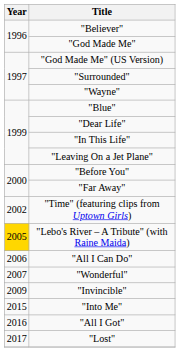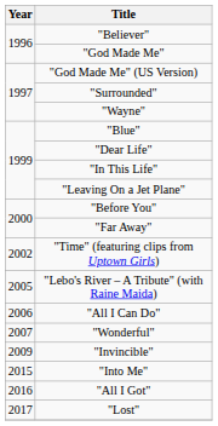 <table class="wikitable plainrowheaders" style="text-align:center;">
 <tr>
 <th scope="col">Year</th>
 <th scope="col" style="width:14em;">Title</th>
 </tr>
 <tr>
 <td rowspan="2">1996</td>
 <td>"Believer"</td>
 </tr>
 <tr>
 <td>"God Made Me"</td>
 </tr>
 <tr>
 <td rowspan="3">1997</td>
 <td>"God Made Me" (US Version)</td>
 </tr>
 <tr>
 <td>"Surrounded"</td>
 </tr>
 <tr>
 <td>"Wayne"</td>
 </tr>
 <tr>
 <td rowspan="4">1999</td>
 <td>"Blue"</td>
 </tr>
 <tr>
 <td>"Dear Life"</td>
 </tr>
 <tr>
 <td>"In This Life"</td>
 </tr>
 <tr>
 <td>"Leaving On a Jet Plane"</td>
 </tr>
 <tr>
 <td rowspan="2">2000</td>
 <td>"Before You"</td>
 </tr>
 <tr>
 <td>"Far Away"</td>
 </tr>
 <tr>
 <td>2002</td>
 <td>"Time" (featuring clips from <em><a href='#'>Uptown Girls</a></em>)</td>
 </tr>
 <tr>
-<td style="background: gold;">2005</td>
+<td>2005</td>
 <td>"Lebo's River – A Tribute" (with <a href='#'>Raine Maida</a>)</td>
 </tr>
 <tr>
 <td>2006</td>
 <td>"All I Can Do"</td>
 </tr>
 <tr>
 <td>2007</td>
 <td>"Wonderful"</td>
 </tr>
 <tr>
 <td>2009</td>
 <td>"Invincible"</td>
 </tr>
 <tr>
 <td>2015</td>
 <td>"Into Me"</td>
 </tr>
 <tr>
 <td>2016</td>
 <td>"All I Got"</td>
 </tr>
 <tr>
 <td>2017</td>
 <td>"Lost"</td>
 </tr>
 <tr>
 </tr>
 </table>
